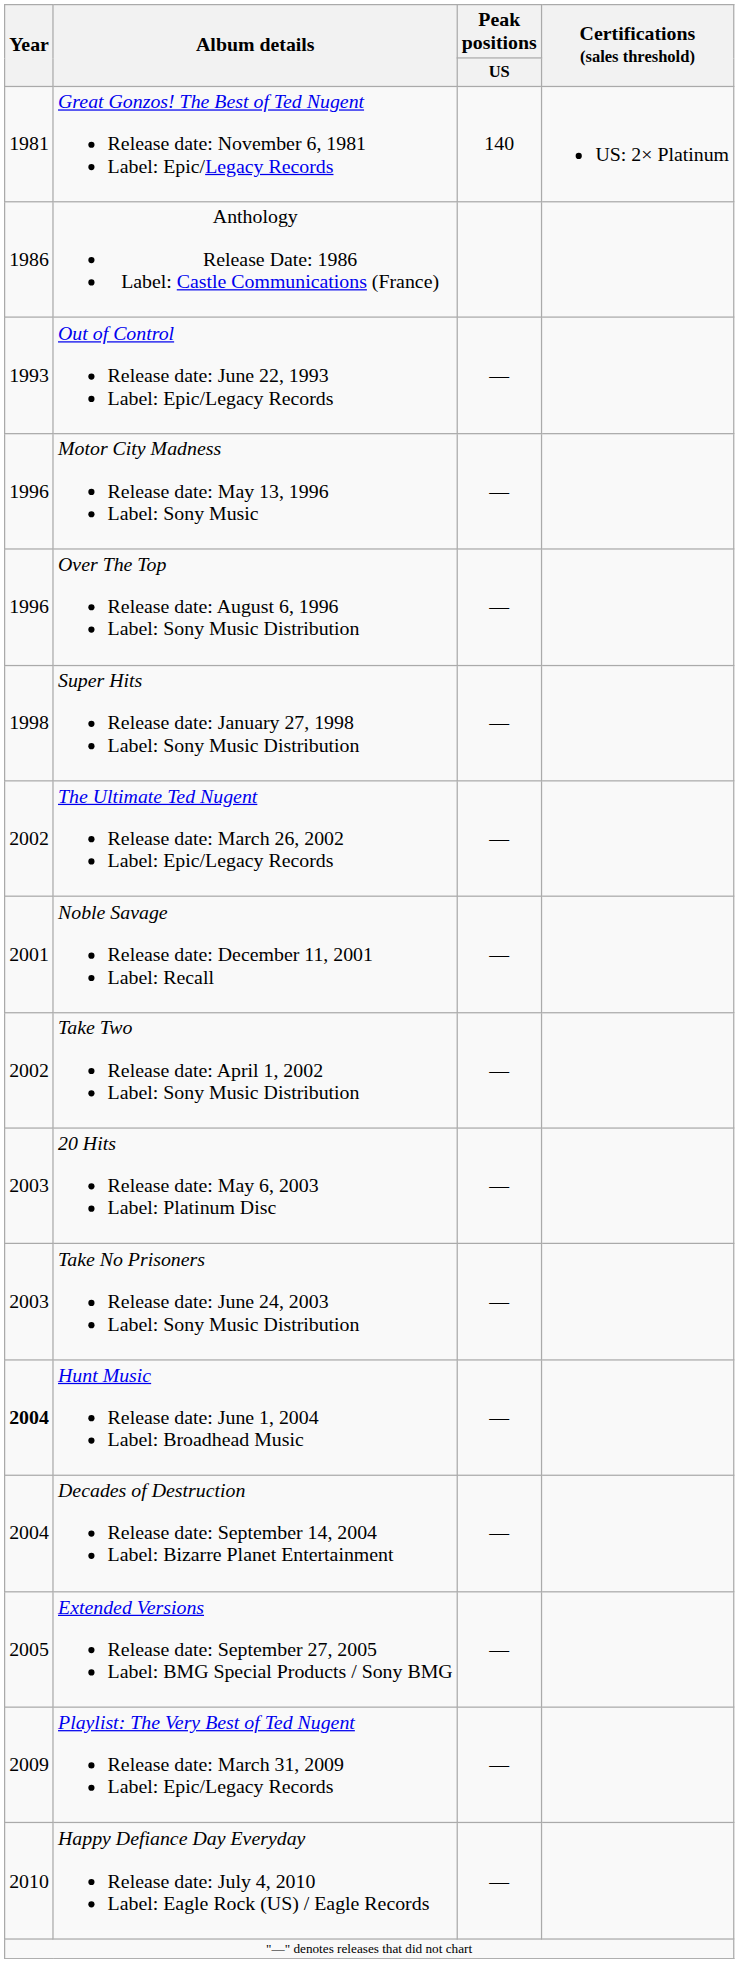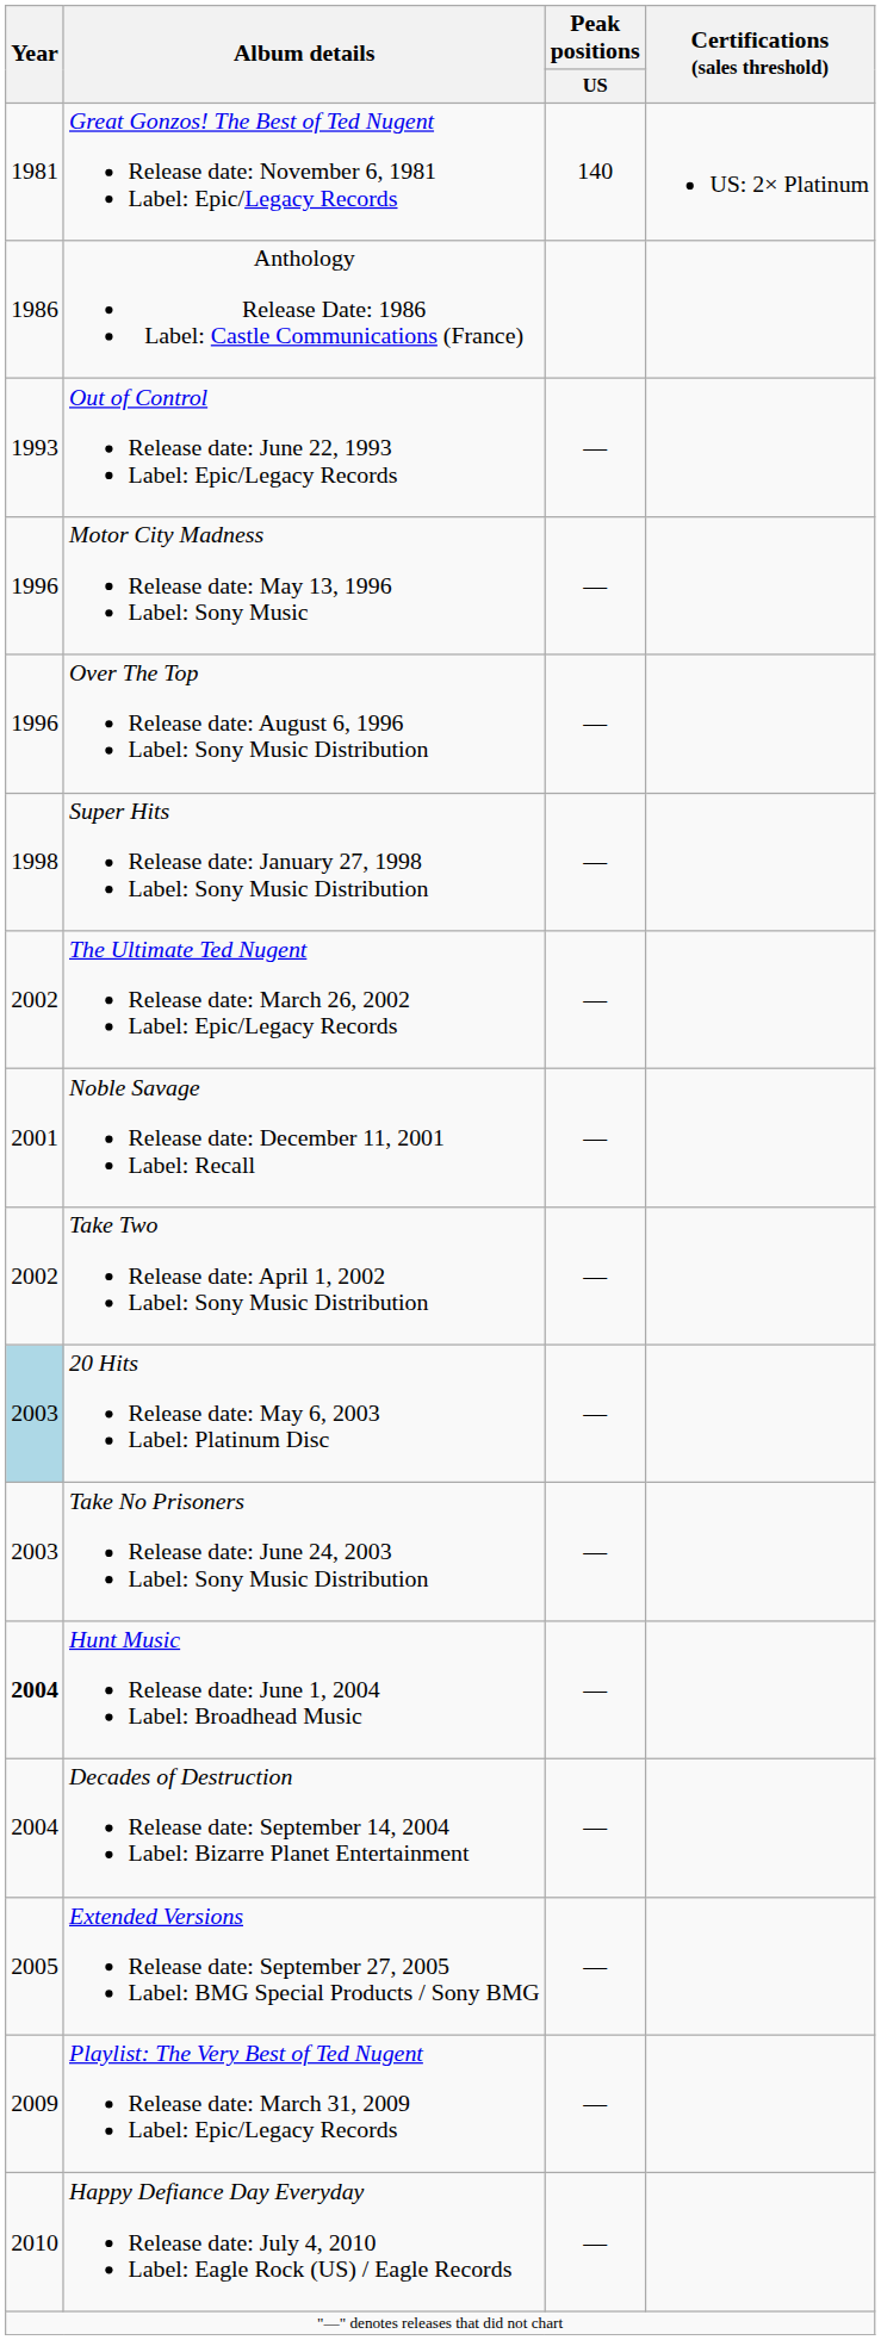 <table class="wikitable" style="text-align:center;">
 <tr>
 <th rowspan="2">Year</th>
 <th rowspan="2">Album details</th>
 <th colspan="1">Peak positions</th>
 <th rowspan="2">Certifications<br><small>(sales threshold)</small></th>
 </tr>
 <tr style="font-size:smaller;">
 <th width="40">US<br></th>
 </tr>
 <tr>
 <td>1981</td>
 <td align="left"><em><a href='#'>Great Gonzos! The Best of Ted Nugent</a></em><br><ul><li>Release date: November 6, 1981</li><li>Label: Epic/<a href='#'>Legacy Records</a></li></ul></td>
 <td>140</td>
 <td align="left"><br><ul><li>US: 2× Platinum</li></ul></td>
 </tr>
 <tr>
 <td>1986</td>
 <td>Anthology<br><ul><li>Release Date: 1986</li><li>Label: <a href='#'>Castle Communications</a> (France)</li></ul></td>
 <td></td>
 <td></td>
 </tr>
 <tr>
 <td>1993</td>
 <td align="left"><em><a href='#'>Out of Control</a></em><br><ul><li>Release date: June 22, 1993</li><li>Label: Epic/Legacy Records</li></ul></td>
 <td>—</td>
 <td></td>
 </tr>
 <tr>
 <td>1996</td>
 <td align="left"><em>Motor City Madness</em><br><ul><li>Release date: May 13, 1996</li><li>Label: Sony Music</li></ul></td>
 <td>—</td>
 <td></td>
 </tr>
 <tr>
 <td>1996</td>
 <td align="left"><em>Over The Top</em><br><ul><li>Release date: August 6, 1996</li><li>Label: Sony Music Distribution</li></ul></td>
 <td>—</td>
 <td></td>
 </tr>
 <tr>
 <td>1998</td>
 <td align="left"><em>Super Hits</em><br><ul><li>Release date: January 27, 1998</li><li>Label: Sony Music Distribution</li></ul></td>
 <td>—</td>
 <td></td>
 </tr>
 <tr>
 <td>2002</td>
 <td align="left"><em><a href='#'>The Ultimate Ted Nugent</a></em><br><ul><li>Release date: March 26, 2002</li><li>Label: Epic/Legacy Records</li></ul></td>
 <td>—</td>
 <td></td>
 </tr>
 <tr>
 <td>2001</td>
 <td align="left"><em>Noble Savage</em><br><ul><li>Release date: December 11, 2001</li><li>Label: Recall</li></ul></td>
 <td>—</td>
 <td></td>
 </tr>
 <tr>
 <td>2002</td>
 <td align="left"><em>Take Two</em><br><ul><li>Release date: April 1, 2002</li><li>Label: Sony Music Distribution</li></ul></td>
 <td>—</td>
 <td></td>
 </tr>
 <tr>
-<td>2003</td>
+<td style="background: lightblue;">2003</td>
 <td align="left"><em>20 Hits</em><br><ul><li>Release date: May 6, 2003</li><li>Label: Platinum Disc</li></ul></td>
 <td>—</td>
 <td></td>
 </tr>
 <tr>
 <td>2003</td>
 <td align="left"><em>Take No Prisoners</em><br><ul><li>Release date: June 24, 2003</li><li>Label: Sony Music Distribution</li></ul></td>
 <td>—</td>
 <td></td>
 </tr>
 <tr>
 <td><strong>2004</strong></td>
 <td align="left"><em><a href='#'>Hunt Music</a></em><br><ul><li>Release date: June 1, 2004</li><li>Label: Broadhead Music</li></ul></td>
 <td>—</td>
 <td></td>
 </tr>
 <tr>
 <td>2004</td>
 <td align="left"><em>Decades of Destruction</em><br><ul><li>Release date: September 14, 2004</li><li>Label: Bizarre Planet Entertainment</li></ul></td>
 <td>—</td>
 <td></td>
 </tr>
 <tr>
 <td>2005</td>
 <td align="left"><em><a href='#'>Extended Versions</a></em><br><ul><li>Release date: September 27, 2005</li><li>Label: BMG Special Products / Sony BMG</li></ul></td>
 <td>—</td>
 <td></td>
 </tr>
 <tr>
 <td>2009</td>
 <td align="left"><em><a href='#'>Playlist: The Very Best of Ted Nugent</a></em><br><ul><li>Release date: March 31, 2009</li><li>Label: Epic/Legacy Records</li></ul></td>
 <td>—</td>
 <td></td>
 </tr>
 <tr>
 <td>2010</td>
 <td align="left"><em>Happy Defiance Day Everyday</em><br><ul><li>Release date: July 4, 2010</li><li>Label: Eagle Rock (US) / Eagle Records</li></ul></td>
 <td>—</td>
 <td></td>
 </tr>
 <tr>
 <td colspan="10" style="font-size:8pt">"—" denotes releases that did not chart</td>
 </tr>
 <tr>
 </tr>
 </table>
